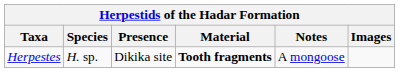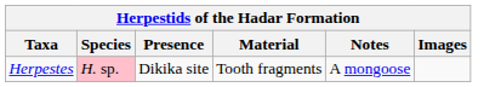 <table class="wikitable" align="center">
 <tr>
 <th colspan="6" align="center"><strong><a href='#'>Herpestids</a></strong> of the Hadar Formation</th>
 </tr>
 <tr>
 <th>Taxa</th>
 <th>Species</th>
 <th>Presence</th>
 <th>Material</th>
 <th>Notes</th>
 <th>Images</th>
 </tr>
 <tr>
 <td><em><a href='#'>Herpestes</a></em></td>
-<td><em>H.</em> sp.</td>
+<td style="background: pink;"><em>H.</em> sp.</td>
 <td>Dikika site</td>
-<td><strong>Tooth fragments</strong></td>
+<td>Tooth fragments</td>
 <td>A <a href='#'>mongoose</a></td>
 <td></td>
 </tr>
 </table>
